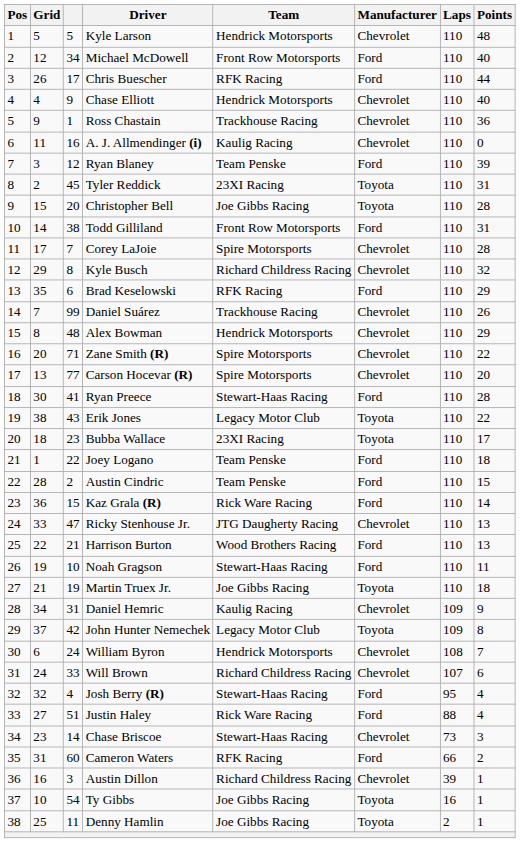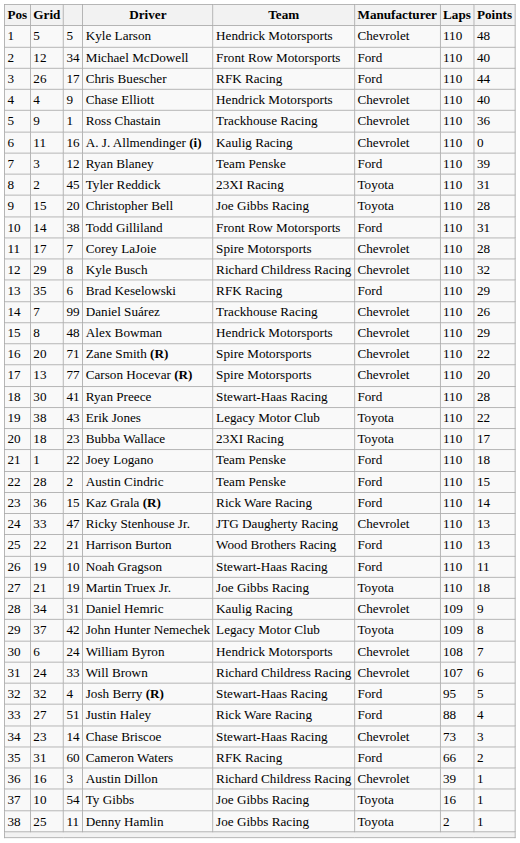 <table class="wikitable" style="font-size:98%">
 <tr>
 <th>Pos</th>
 <th>Grid</th>
 <th></th>
 <th>Driver</th>
 <th>Team</th>
 <th>Manufacturer</th>
 <th>Laps</th>
 <th>Points</th>
 </tr>
 <tr>
 <td>1</td>
 <td>5</td>
 <td>5</td>
 <td>Kyle Larson</td>
 <td>Hendrick Motorsports</td>
 <td>Chevrolet</td>
 <td>110</td>
 <td>48</td>
 </tr>
 <tr>
 <td>2</td>
 <td>12</td>
 <td>34</td>
 <td>Michael McDowell</td>
 <td>Front Row Motorsports</td>
 <td>Ford</td>
 <td>110</td>
 <td>40</td>
 </tr>
 <tr>
 <td>3</td>
 <td>26</td>
 <td>17</td>
 <td>Chris Buescher</td>
 <td>RFK Racing</td>
 <td>Ford</td>
 <td>110</td>
 <td>44</td>
 </tr>
 <tr>
 <td>4</td>
 <td>4</td>
 <td>9</td>
 <td>Chase Elliott</td>
 <td>Hendrick Motorsports</td>
 <td>Chevrolet</td>
 <td>110</td>
 <td>40</td>
 </tr>
 <tr>
 <td>5</td>
 <td>9</td>
 <td>1</td>
 <td>Ross Chastain</td>
 <td>Trackhouse Racing</td>
 <td>Chevrolet</td>
 <td>110</td>
 <td>36</td>
 </tr>
 <tr>
 <td>6</td>
 <td>11</td>
 <td>16</td>
 <td>A. J. Allmendinger <strong>(i)</strong></td>
 <td>Kaulig Racing</td>
 <td>Chevrolet</td>
 <td>110</td>
 <td>0</td>
 </tr>
 <tr>
 <td>7</td>
 <td>3</td>
 <td>12</td>
 <td>Ryan Blaney</td>
 <td>Team Penske</td>
 <td>Ford</td>
 <td>110</td>
 <td>39</td>
 </tr>
 <tr>
 <td>8</td>
 <td>2</td>
 <td>45</td>
 <td>Tyler Reddick</td>
 <td>23XI Racing</td>
 <td>Toyota</td>
 <td>110</td>
 <td>31</td>
 </tr>
 <tr>
 <td>9</td>
 <td>15</td>
 <td>20</td>
 <td>Christopher Bell</td>
 <td>Joe Gibbs Racing</td>
 <td>Toyota</td>
 <td>110</td>
 <td>28</td>
 </tr>
 <tr>
 <td>10</td>
 <td>14</td>
 <td>38</td>
 <td>Todd Gilliland</td>
 <td>Front Row Motorsports</td>
 <td>Ford</td>
 <td>110</td>
 <td>31</td>
 </tr>
 <tr>
 <td>11</td>
 <td>17</td>
 <td>7</td>
 <td>Corey LaJoie</td>
 <td>Spire Motorsports</td>
 <td>Chevrolet</td>
 <td>110</td>
 <td>28</td>
 </tr>
 <tr>
 <td>12</td>
 <td>29</td>
 <td>8</td>
 <td>Kyle Busch</td>
 <td>Richard Childress Racing</td>
 <td>Chevrolet</td>
 <td>110</td>
 <td>32</td>
 </tr>
 <tr>
 <td>13</td>
 <td>35</td>
 <td>6</td>
 <td>Brad Keselowski</td>
 <td>RFK Racing</td>
 <td>Ford</td>
 <td>110</td>
 <td>29</td>
 </tr>
 <tr>
 <td>14</td>
 <td>7</td>
 <td>99</td>
 <td>Daniel Suárez</td>
 <td>Trackhouse Racing</td>
 <td>Chevrolet</td>
 <td>110</td>
 <td>26</td>
 </tr>
 <tr>
 <td>15</td>
 <td>8</td>
 <td>48</td>
 <td>Alex Bowman</td>
 <td>Hendrick Motorsports</td>
 <td>Chevrolet</td>
 <td>110</td>
 <td>29</td>
 </tr>
 <tr>
 <td>16</td>
 <td>20</td>
 <td>71</td>
 <td>Zane Smith <strong>(R)</strong></td>
 <td>Spire Motorsports</td>
 <td>Chevrolet</td>
 <td>110</td>
 <td>22</td>
 </tr>
 <tr>
 <td>17</td>
 <td>13</td>
 <td>77</td>
 <td>Carson Hocevar <strong>(R)</strong></td>
 <td>Spire Motorsports</td>
 <td>Chevrolet</td>
 <td>110</td>
 <td>20</td>
 </tr>
 <tr>
 <td>18</td>
 <td>30</td>
 <td>41</td>
 <td>Ryan Preece</td>
 <td>Stewart-Haas Racing</td>
 <td>Ford</td>
 <td>110</td>
 <td>28</td>
 </tr>
 <tr>
 <td>19</td>
 <td>38</td>
 <td>43</td>
 <td>Erik Jones</td>
 <td>Legacy Motor Club</td>
 <td>Toyota</td>
 <td>110</td>
 <td>22</td>
 </tr>
 <tr>
 <td>20</td>
 <td>18</td>
 <td>23</td>
 <td>Bubba Wallace</td>
 <td>23XI Racing</td>
 <td>Toyota</td>
 <td>110</td>
 <td>17</td>
 </tr>
 <tr>
 <td>21</td>
 <td>1</td>
 <td>22</td>
 <td>Joey Logano</td>
 <td>Team Penske</td>
 <td>Ford</td>
 <td>110</td>
 <td>18</td>
 </tr>
 <tr>
 <td>22</td>
 <td>28</td>
 <td>2</td>
 <td>Austin Cindric</td>
 <td>Team Penske</td>
 <td>Ford</td>
 <td>110</td>
 <td>15</td>
 </tr>
 <tr>
 <td>23</td>
 <td>36</td>
 <td>15</td>
 <td>Kaz Grala <strong>(R)</strong></td>
 <td>Rick Ware Racing</td>
 <td>Ford</td>
 <td>110</td>
 <td>14</td>
 </tr>
 <tr>
 <td>24</td>
 <td>33</td>
 <td>47</td>
 <td>Ricky Stenhouse Jr.</td>
 <td>JTG Daugherty Racing</td>
 <td>Chevrolet</td>
 <td>110</td>
 <td>13</td>
 </tr>
 <tr>
 <td>25</td>
 <td>22</td>
 <td>21</td>
 <td>Harrison Burton</td>
 <td>Wood Brothers Racing</td>
 <td>Ford</td>
 <td>110</td>
 <td>13</td>
 </tr>
 <tr>
 <td>26</td>
 <td>19</td>
 <td>10</td>
 <td>Noah Gragson</td>
 <td>Stewart-Haas Racing</td>
 <td>Ford</td>
 <td>110</td>
 <td>11</td>
 </tr>
 <tr>
 <td>27</td>
 <td>21</td>
 <td>19</td>
 <td>Martin Truex Jr.</td>
 <td>Joe Gibbs Racing</td>
 <td>Toyota</td>
 <td>110</td>
 <td>18</td>
 </tr>
 <tr>
 <td>28</td>
 <td>34</td>
 <td>31</td>
 <td>Daniel Hemric</td>
 <td>Kaulig Racing</td>
 <td>Chevrolet</td>
 <td>109</td>
 <td>9</td>
 </tr>
 <tr>
 <td>29</td>
 <td>37</td>
 <td>42</td>
 <td>John Hunter Nemechek</td>
 <td>Legacy Motor Club</td>
 <td>Toyota</td>
 <td>109</td>
 <td>8</td>
 </tr>
 <tr>
 <td>30</td>
 <td>6</td>
 <td>24</td>
 <td>William Byron</td>
 <td>Hendrick Motorsports</td>
 <td>Chevrolet</td>
 <td>108</td>
 <td>7</td>
 </tr>
 <tr>
 <td>31</td>
 <td>24</td>
 <td>33</td>
 <td>Will Brown</td>
 <td>Richard Childress Racing</td>
 <td>Chevrolet</td>
 <td>107</td>
 <td>6</td>
 </tr>
 <tr>
 <td>32</td>
 <td>32</td>
 <td>4</td>
 <td>Josh Berry <strong>(R)</strong></td>
 <td>Stewart-Haas Racing</td>
 <td>Ford</td>
 <td>95</td>
-<td>4</td>
+<td>5</td>
 </tr>
 <tr>
 <td>33</td>
 <td>27</td>
 <td>51</td>
 <td>Justin Haley</td>
 <td>Rick Ware Racing</td>
 <td>Ford</td>
 <td>88</td>
 <td>4</td>
 </tr>
 <tr>
 <td>34</td>
 <td>23</td>
 <td>14</td>
 <td>Chase Briscoe</td>
 <td>Stewart-Haas Racing</td>
 <td>Chevrolet</td>
 <td>73</td>
 <td>3</td>
 </tr>
 <tr>
 <td>35</td>
 <td>31</td>
 <td>60</td>
 <td>Cameron Waters</td>
 <td>RFK Racing</td>
 <td>Ford</td>
 <td>66</td>
 <td>2</td>
 </tr>
 <tr>
 <td>36</td>
 <td>16</td>
 <td>3</td>
 <td>Austin Dillon</td>
 <td>Richard Childress Racing</td>
 <td>Chevrolet</td>
 <td>39</td>
 <td>1</td>
 </tr>
 <tr>
 <td>37</td>
 <td>10</td>
 <td>54</td>
 <td>Ty Gibbs</td>
 <td>Joe Gibbs Racing</td>
 <td>Toyota</td>
 <td>16</td>
 <td>1</td>
 </tr>
 <tr>
 <td>38</td>
 <td>25</td>
 <td>11</td>
 <td>Denny Hamlin</td>
 <td>Joe Gibbs Racing</td>
 <td>Toyota</td>
 <td>2</td>
 <td>1</td>
 </tr>
 <tr>
 <th colspan="8"></th>
 </tr>
 </table>
